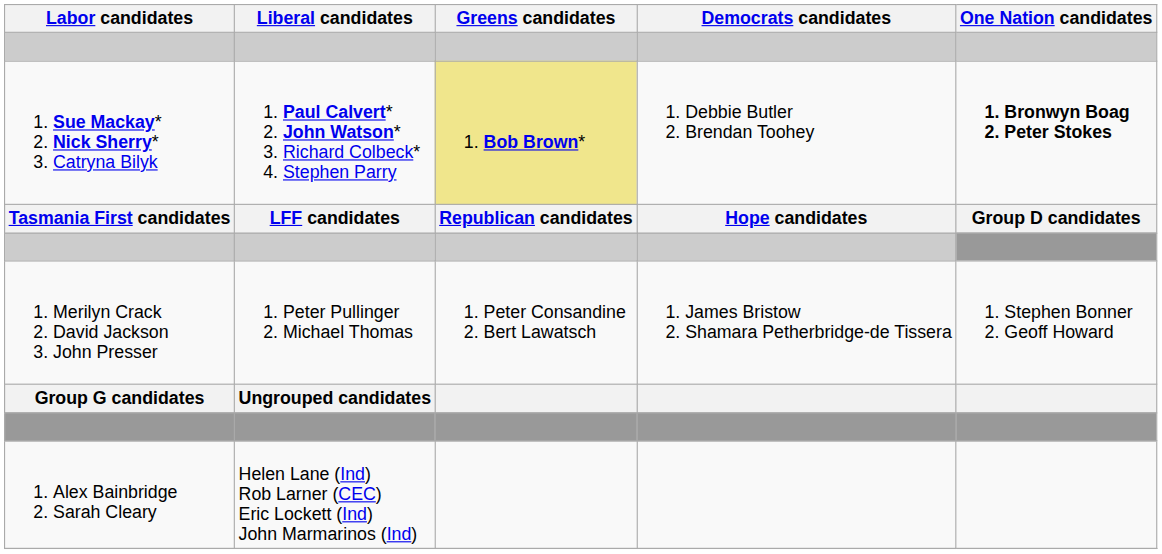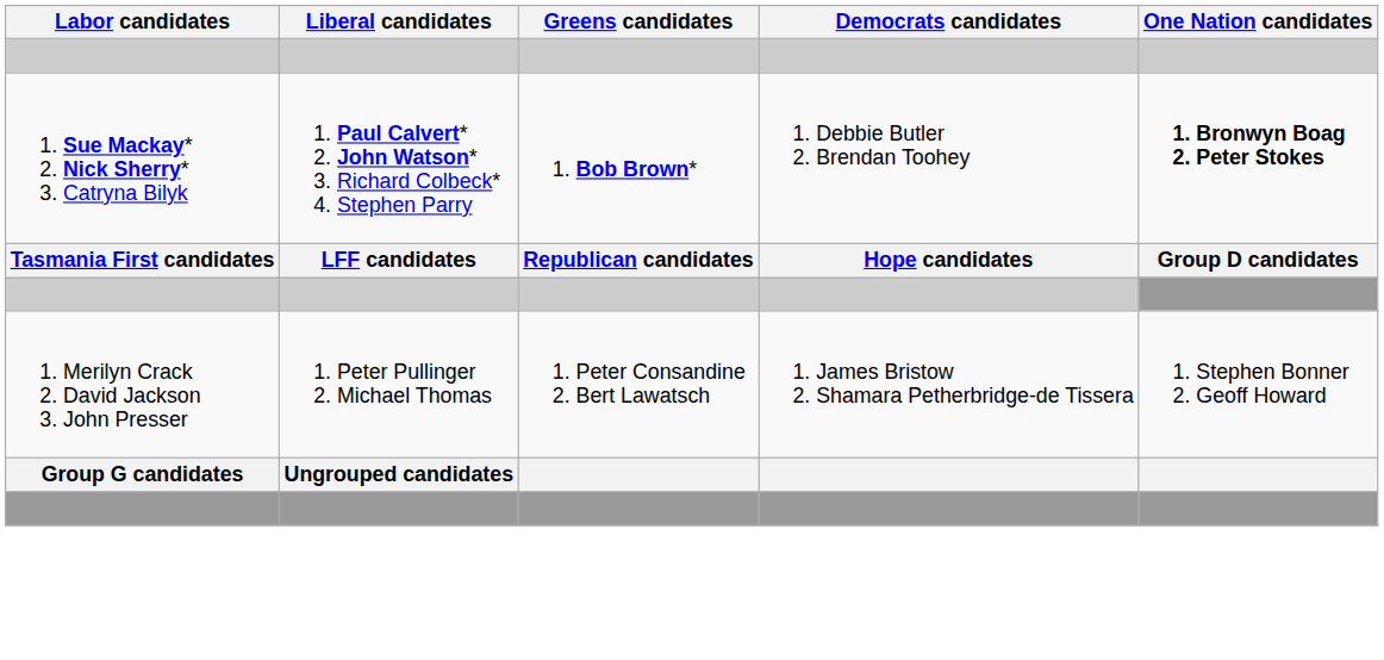 <table class="wikitable">
 <tr>
 <th><a href='#'>Labor</a> candidates</th>
 <th><a href='#'>Liberal</a> candidates</th>
 <th><a href='#'>Greens</a> candidates</th>
 <th><a href='#'>Democrats</a> candidates</th>
 <th><a href='#'>One Nation</a> candidates</th>
 </tr>
 <tr bgcolor="#cccccc">
 <td></td>
 <td></td>
 <td></td>
 <td></td>
 <td> </td>
 </tr>
 <tr>
 <td><br><ol><li><strong><a href='#'>Sue Mackay</a></strong>*</li><li><strong><a href='#'>Nick Sherry</a></strong>*</li><li><a href='#'>Catryna Bilyk</a></li></ol></td>
 <td><br><ol><li><strong><a href='#'>Paul Calvert</a></strong>*</li><li><strong><a href='#'>John Watson</a></strong>*</li><li><a href='#'>Richard Colbeck</a>*</li><li><a href='#'>Stephen Parry</a></li></ol></td>
-<td style="background: khaki;"><br><ol><li><strong><a href='#'>Bob Brown</a></strong>*</li></ol></td>
+<td><br><ol><li><strong><a href='#'>Bob Brown</a></strong>*</li></ol></td>
 <td valign=top><br><ol><li>Debbie Butler</li><li>Brendan Toohey</li></ol></td>
 <td valign=top><strong><br><ol><li>Bronwyn Boag</li><li>Peter Stokes</li></ol></strong></td>
 </tr>
 <tr bgcolor="#cccccc">
 <th><a href='#'>Tasmania First</a> candidates</th>
 <th><a href='#'>LFF</a> candidates</th>
 <th><a href='#'>Republican</a> candidates</th>
 <th><a href='#'>Hope</a> candidates</th>
 <th>Group D candidates</th>
 </tr>
 <tr bgcolor="#cccccc">
 <td></td>
 <td></td>
 <td></td>
 <td></td>
 <td bgcolor="#999999"> </td>
 </tr>
 <tr>
 <td valign=top><br><ol><li>Merilyn Crack</li><li>David Jackson</li><li>John Presser</li></ol></td>
 <td valign=top><br><ol><li>Peter Pullinger</li><li>Michael Thomas</li></ol></td>
 <td valign=top><br><ol><li>Peter Consandine</li><li>Bert Lawatsch</li></ol></td>
 <td valign=top><br><ol><li>James Bristow</li><li>Shamara Petherbridge-de Tissera</li></ol></td>
 <td valign=top><br><ol><li>Stephen Bonner</li><li>Geoff Howard</li></ol></td>
 </tr>
 <tr bgcolor="#cccccc">
 <th>Group G candidates</th>
 <th>Ungrouped candidates</th>
 <th></th>
 <th></th>
 <th></th>
 </tr>
 <tr bgcolor="#cccccc">
 <td bgcolor="#999999"></td>
 <td bgcolor="#999999"></td>
 <td bgcolor="#999999"></td>
 <td bgcolor="#999999"></td>
 <td bgcolor="#999999"> </td>
 </tr>
 <tr>
-<td valign=top><br><ol><li>Alex Bainbridge</li><li>Sarah Cleary</li></ol></td>
-<td valign=top><br>Helen Lane (<a href='#'>Ind</a>)<br> Rob Larner (<a href='#'>CEC</a>)<br> Eric Lockett (<a href='#'>Ind</a>)<br> John Marmarinos (<a href='#'>Ind</a>)</td>
-<td valign=top></td>
-<td valign=top></td>
-<td valign=top></td>
-</tr>
-<tr>
 </tr>
 </table>
